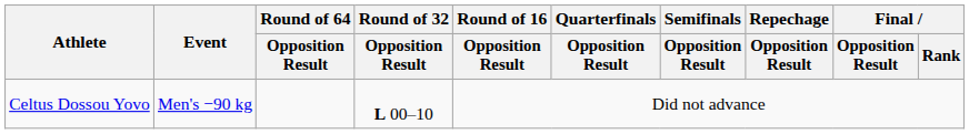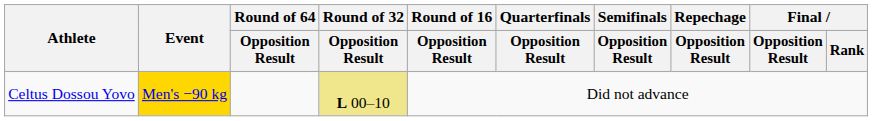 <table class="wikitable" style="font-size:90%">
 <tr>
 <th rowspan="2">Athlete</th>
 <th rowspan="2">Event</th>
 <th>Round of 64</th>
 <th>Round of 32</th>
 <th>Round of 16</th>
 <th>Quarterfinals</th>
 <th>Semifinals</th>
 <th>Repechage</th>
 <th colspan=2>Final / </th>
 </tr>
 <tr style="font-size:95%">
 <th>Opposition<br>Result</th>
 <th>Opposition<br>Result</th>
 <th>Opposition<br>Result</th>
 <th>Opposition<br>Result</th>
 <th>Opposition<br>Result</th>
 <th>Opposition<br>Result</th>
 <th>Opposition<br>Result</th>
 <th>Rank</th>
 </tr>
 <tr align=center>
 <td align=left><a href='#'>Celtus Dossou Yovo</a></td>
-<td align=left><a href='#'>Men's −90 kg</a></td>
+<td align=left style="background: gold;"><a href='#'>Men's −90 kg</a></td>
 <td></td>
-<td><br><strong>L</strong> 00–10</td>
+<td style="background: khaki;"><br><strong>L</strong> 00–10</td>
 <td colspan=6>Did not advance</td>
 </tr>
 </table>
